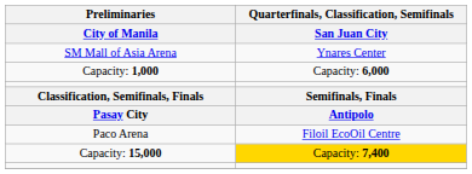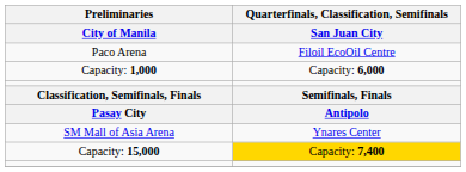 <table class="wikitable" style="text-align:center">
 <tr>
 <th width=300>Preliminaries</th>
 <th width=300>Quarterfinals, Classification, Semifinals</th>
 </tr>
 <tr>
 <th><a href='#'>City of Manila</a></th>
 <th><a href='#'>San Juan City</a></th>
 </tr>
 <tr>
-<td><a href='#'>SM Mall of Asia Arena</a></td>
-<td><a href='#'>Ynares Center</a></td>
+<td>Paco Arena</td>
+<td><a href='#'>Filoil EcoOil Centre</a></td>
 </tr>
 <tr>
 <td>Capacity: <strong>1,000</strong></td>
 <td>Capacity: <strong>6,000</strong></td>
 </tr>
 <tr>
 <td></td>
 <td></td>
 </tr>
 <tr>
 <th>Classification, Semifinals, Finals</th>
 <th>Semifinals, Finals</th>
 </tr>
 <tr>
 <th><a href='#'>Pasay</a> City</th>
 <th><a href='#'>Antipolo</a></th>
 </tr>
 <tr>
-<td>Paco Arena</td>
-<td><a href='#'>Filoil EcoOil Centre</a></td>
+<td><a href='#'>SM Mall of Asia Arena</a></td>
+<td><a href='#'>Ynares Center</a></td>
 </tr>
 <tr>
 <td>Capacity: <strong>15,000</strong></td>
 <td style="background: gold;">Capacity: <strong>7,400</strong></td>
 </tr>
 <tr>
 <td></td>
 <td></td>
 </tr>
 <tr>
 </tr>
 </table>
